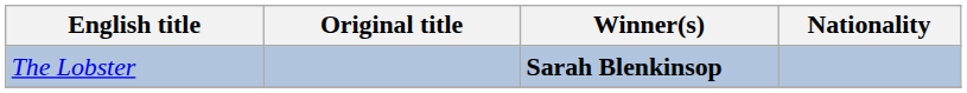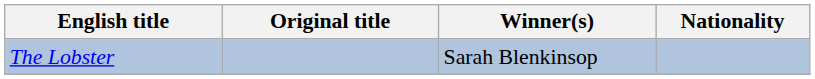 <table class="wikitable" width="95%" cellpadding="5">
 <tr>
 <th width="18%">English title</th>
 <th width="18%">Original title</th>
 <th width="18%">Winner(s)</th>
 <th width="10%">Nationality</th>
 </tr>
 <tr style="background:#B0C4DE;">
 <td><em><a href='#'>The Lobster</a></em></td>
 <td></td>
-<td><strong>Sarah Blenkinsop</strong></td>
+<td>Sarah Blenkinsop</td>
 <td></td>
 </tr>
 <tr>
 </tr>
 </table>
